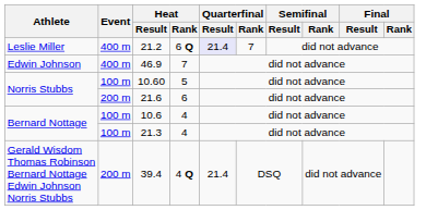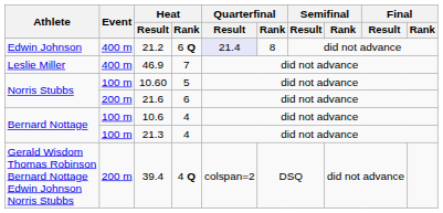 <table class="wikitable" style="font-size:90%">
 <tr>
 <th rowspan="2">Athlete</th>
 <th rowspan="2">Event</th>
 <th colspan="2">Heat</th>
 <th colspan="2">Quarterfinal</th>
 <th colspan="2">Semifinal</th>
 <th colspan="2">Final</th>
 </tr>
 <tr style="font-size:95%">
 <th>Result</th>
 <th>Rank</th>
 <th>Result</th>
 <th>Rank</th>
 <th>Result</th>
 <th>Rank</th>
 <th>Result</th>
 <th>Rank</th>
 </tr>
 <tr align=center>
-<td align=left><a href='#'>Leslie Miller</a></td>
+<td align=left><a href='#'>Edwin Johnson</a></td>
 <td align=left><a href='#'>400 m</a></td>
 <td>21.2</td>
 <td>6 <strong>Q</strong></td>
 <td style="background: lavender;">21.4</td>
-<td>7</td>
+<td>8</td>
 <td colspan=4>did not advance</td>
 </tr>
 <tr align=center>
-<td align=left><a href='#'>Edwin Johnson</a></td>
+<td align=left><a href='#'>Leslie Miller</a></td>
 <td align=left><a href='#'>400 m</a></td>
 <td>46.9</td>
 <td>7</td>
 <td colspan=6>did not advance</td>
 </tr>
 <tr align=center>
 <td align=left rowspan=2><a href='#'>Norris Stubbs</a></td>
 <td align=left><a href='#'>100 m</a></td>
 <td>10.60</td>
 <td>5</td>
 <td colspan=6>did not advance</td>
 </tr>
 <tr align=center>
 <td align=left><a href='#'>200 m</a></td>
 <td>21.6</td>
 <td>6</td>
 <td colspan=6>did not advance</td>
 </tr>
 <tr align=center>
 <td align=left rowspan=2><a href='#'>Bernard Nottage</a></td>
 <td align=left><a href='#'>100 m</a></td>
 <td>10.6</td>
 <td>4</td>
 <td colspan=6>did not advance</td>
 </tr>
 <tr align=center>
 <td align=left><a href='#'>100 m</a></td>
 <td>21.3</td>
 <td>4</td>
 <td colspan=6>did not advance</td>
 </tr>
 <tr align=center>
 <td align=left><a href='#'>Gerald Wisdom</a><br><a href='#'>Thomas Robinson</a><br><a href='#'>Bernard Nottage</a><br><a href='#'>Edwin Johnson</a><br> <a href='#'>Norris Stubbs</a></td>
 <td align=left><a href='#'>200 m</a></td>
 <td>39.4</td>
 <td>4 <strong>Q</strong></td>
-<td>21.4</td>
+<td>colspan=2 </td>
 <td colspan=2>DSQ</td>
 <td colspan=2>did not advance</td>
 </tr>
 </table>
